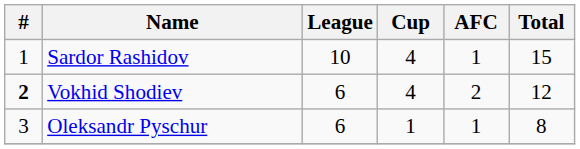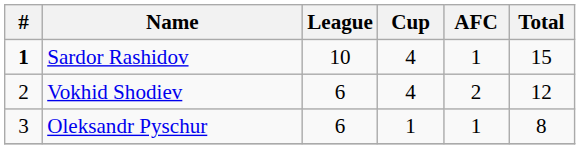 <table class="wikitable sortable"  style="text-align:center; font-size:95%; ">
 <tr>
 <th width=20px>#</th>
 <th width=180px>Name</th>
 <th width=40px>League</th>
 <th width=40px>Cup</th>
 <th width=40px>AFC</th>
 <th width=40px>Total</th>
 </tr>
 <tr>
-<td>1</td>
+<td><strong>1</strong></td>
 <td align=left> <a href='#'>Sardor Rashidov</a></td>
 <td>10</td>
 <td>4</td>
 <td>1</td>
 <td>15</td>
 </tr>
 <tr>
-<td><strong>2</strong></td>
+<td>2</td>
 <td align=left> <a href='#'>Vokhid Shodiev</a></td>
 <td>6</td>
 <td>4</td>
 <td>2</td>
 <td>12</td>
 </tr>
 <tr>
 <td>3</td>
 <td align=left> <a href='#'>Oleksandr Pyschur</a></td>
 <td>6</td>
 <td>1</td>
 <td>1</td>
 <td>8</td>
 </tr>
 <tr>
 </tr>
 </table>
